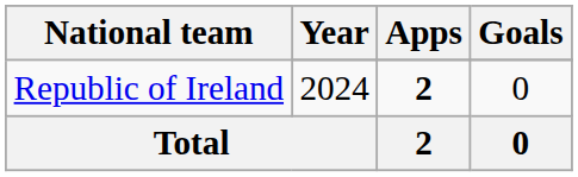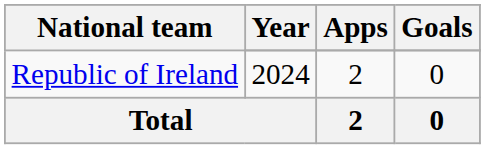 <table class=wikitable style=text-align:center>
 <tr>
 <th>National team</th>
 <th>Year</th>
 <th>Apps</th>
 <th>Goals</th>
 </tr>
 <tr>
 <td rowspan="2"><a href='#'>Republic of Ireland</a></td>
 </tr>
 <tr>
 <td>2024</td>
-<td><strong>2</strong></td>
+<td>2</td>
 <td>0</td>
 </tr>
 <tr>
 <th colspan="2">Total</th>
 <th>2</th>
 <th>0</th>
 </tr>
 </table>
